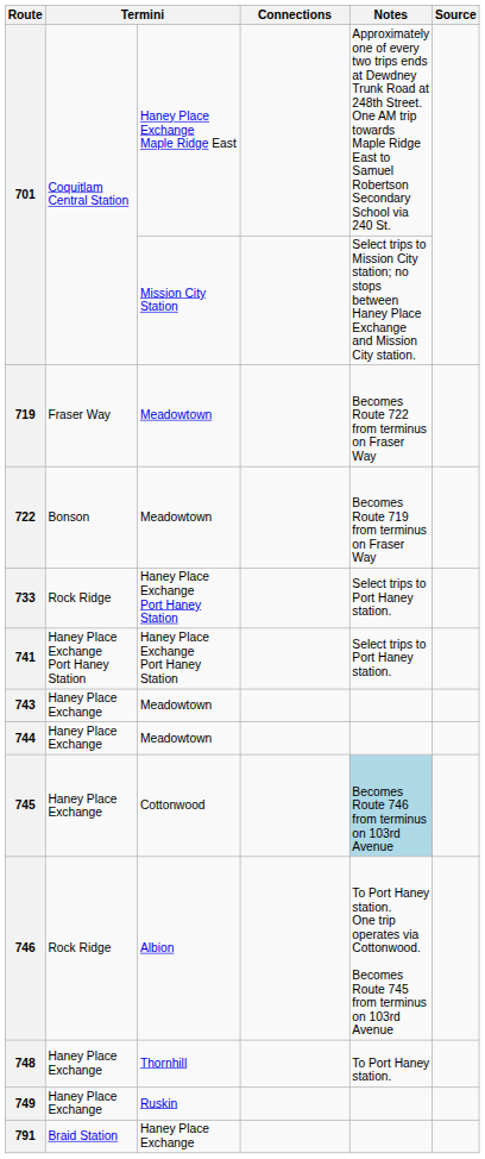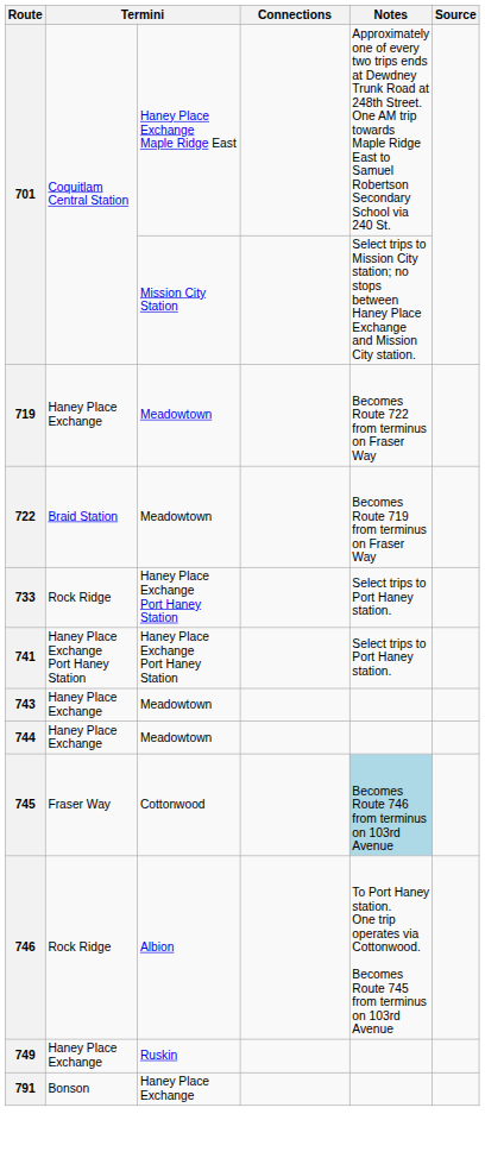 <table class="wikitable" style="width: 100%">
 <tr>
 <th width="40">Route</th>
 <th colspan=2>Termini</th>
 <th width="200">Connections</th>
 <th>Notes</th>
 <th>Source</th>
 </tr>
 <tr>
 <th rowspan="2">701</th>
 <td rowspan="2" width="180"><a href='#'>Coquitlam Central Station</a></td>
 <td width="180"><a href='#'>Haney Place Exchange</a><br><a href='#'>Maple Ridge</a> East<br></td>
 <td></td>
 <td>Approximately one of every two trips ends at Dewdney Trunk Road at 248th Street.<br> One AM trip towards Maple Ridge East to Samuel Robertson Secondary School via 240 St.</td>
 <td rowspan="2" style="text-align: center;"></td>
 </tr>
 <tr>
 <td width="180"><a href='#'>Mission City Station</a></td>
 <td></td>
 <td> Select trips to Mission City station; no stops between Haney Place Exchange and Mission City station.</td>
 </tr>
 <tr>
 <th>719</th>
-<td width="180">Fraser Way<br></td>
+<td>Haney Place Exchange</td>
 <td><a href='#'>Meadowtown</a></td>
 <td></td>
 <td><br><br>Becomes Route 722 from terminus on Fraser Way</td>
 <td style="text-align: center;"></td>
 </tr>
 <tr>
 <th>722</th>
-<td width="180">Bonson<br></td>
+<td><a href='#'>Braid Station</a></td>
 <td>Meadowtown</td>
 <td></td>
 <td><br><br>Becomes Route 719 from terminus on Fraser Way</td>
 <td style="text-align: center;"></td>
 </tr>
 <tr>
 <th>733</th>
 <td>Rock Ridge<br></td>
 <td Haney Place Exchange>Haney Place Exchange<br><a href='#'>Port Haney Station</a></td>
 <td></td>
 <td> Select trips to Port Haney station.</td>
 <td style="text-align: center;"></td>
 </tr>
 <tr>
 <th>741</th>
 <td>Haney Place Exchange<br>Port Haney Station</td>
 <td>Haney Place Exchange<br>Port Haney Station</td>
 <td></td>
 <td> Select trips to Port Haney station.</td>
 <td style="text-align: center;"></td>
 </tr>
 <tr>
 <th>743</th>
 <td>Haney Place Exchange</td>
 <td>Meadowtown</td>
 <td></td>
 <td></td>
 <td style="text-align: center;"></td>
 </tr>
 <tr>
 <th>744</th>
 <td>Haney Place Exchange</td>
 <td>Meadowtown</td>
 <td></td>
 <td></td>
 <td style="text-align: center;"></td>
 </tr>
 <tr>
 <th>745</th>
-<td>Haney Place Exchange</td>
+<td width="180">Fraser Way<br></td>
 <td>Cottonwood<br></td>
 <td></td>
 <td style="background: lightblue;"><br><br>Becomes Route 746 from terminus on 103rd Avenue</td>
 <td style="text-align: center;"></td>
 </tr>
 <tr>
 <th>746</th>
 <td>Rock Ridge<br></td>
 <td><a href='#'>Albion</a><br></td>
 <td></td>
 <td><br><br>  To Port Haney station.<br> One trip operates via Cottonwood.<br> <br>Becomes Route 745 from terminus on 103rd Avenue</td>
 <td style="text-align: center;"></td>
 </tr>
 <tr>
-<th>748</th>
-<td>Haney Place Exchange</td>
-<td><a href='#'>Thornhill</a><br></td>
-<td></td>
-<td><br> To Port Haney station.</td>
-<td style="text-align: center;"></td>
-</tr>
-<tr>
 <th>749</th>
 <td>Haney Place Exchange</td>
 <td><a href='#'>Ruskin</a><br></td>
 <td></td>
 <td></td>
 <td style="text-align: center;"></td>
 </tr>
 <tr>
 <th>791</th>
-<td><a href='#'>Braid Station</a></td>
+<td width="180">Bonson<br></td>
 <td>Haney Place Exchange</td>
 <td></td>
 <td></td>
 <td style="text-align: center;"></td>
 </tr>
 </table>
